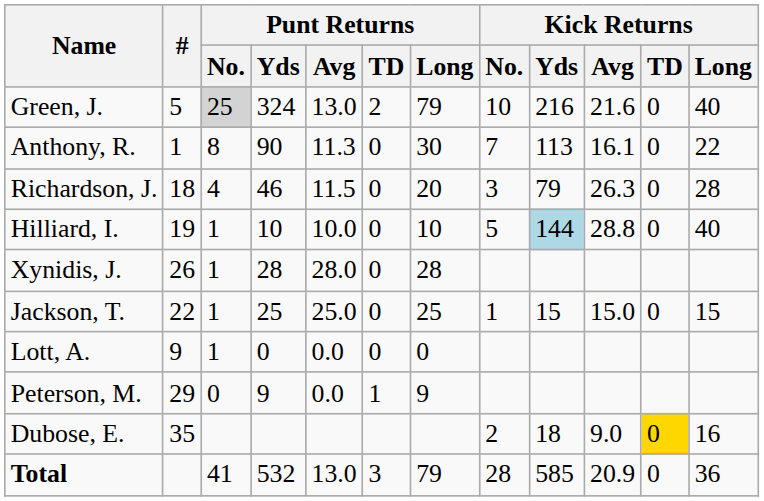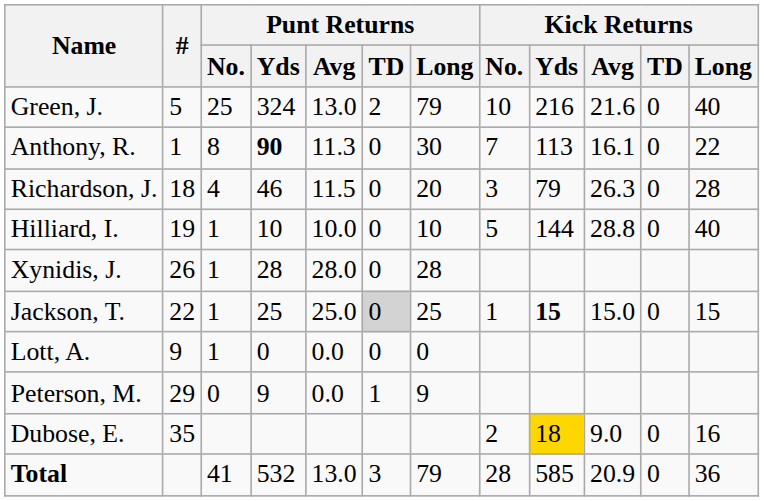 <table class="wikitable" style="white-space:nowrap;">
 <tr>
 <th rowspan="2">Name</th>
 <th rowspan="2">#</th>
 <th colspan="5">Punt Returns</th>
 <th colspan="5">Kick Returns</th>
 </tr>
 <tr>
 <th>No.</th>
 <th>Yds</th>
 <th>Avg</th>
 <th>TD</th>
 <th>Long</th>
 <th>No.</th>
 <th>Yds</th>
 <th>Avg</th>
 <th>TD</th>
 <th>Long</th>
 </tr>
 <tr>
 <td>Green, J.</td>
 <td>5</td>
-<td style="background: lightgrey;">25</td>
+<td>25</td>
 <td>324</td>
 <td>13.0</td>
 <td>2</td>
 <td>79</td>
 <td>10</td>
 <td>216</td>
 <td>21.6</td>
 <td>0</td>
 <td>40</td>
 </tr>
 <tr>
 <td>Anthony, R.</td>
 <td>1</td>
 <td>8</td>
-<td>90</td>
+<td><strong>90</strong></td>
 <td>11.3</td>
 <td>0</td>
 <td>30</td>
 <td>7</td>
 <td>113</td>
 <td>16.1</td>
 <td>0</td>
 <td>22</td>
 </tr>
 <tr>
 <td>Richardson, J.</td>
 <td>18</td>
 <td>4</td>
 <td>46</td>
 <td>11.5</td>
 <td>0</td>
 <td>20</td>
 <td>3</td>
 <td>79</td>
 <td>26.3</td>
 <td>0</td>
 <td>28</td>
 </tr>
 <tr>
 <td>Hilliard, I.</td>
 <td>19</td>
 <td>1</td>
 <td>10</td>
 <td>10.0</td>
 <td>0</td>
 <td>10</td>
 <td>5</td>
-<td style="background: lightblue;">144</td>
+<td>144</td>
 <td>28.8</td>
 <td>0</td>
 <td>40</td>
 </tr>
 <tr>
 <td>Xynidis, J.</td>
 <td>26</td>
 <td>1</td>
 <td>28</td>
 <td>28.0</td>
 <td>0</td>
 <td>28</td>
 <td></td>
 <td></td>
 <td></td>
 <td></td>
 <td></td>
 </tr>
 <tr>
 <td>Jackson, T.</td>
 <td>22</td>
 <td>1</td>
 <td>25</td>
 <td>25.0</td>
-<td>0</td>
+<td style="background: lightgrey;">0</td>
 <td>25</td>
 <td>1</td>
-<td>15</td>
+<td><strong>15</strong></td>
 <td>15.0</td>
 <td>0</td>
 <td>15</td>
 </tr>
 <tr>
 <td>Lott, A.</td>
 <td>9</td>
 <td>1</td>
 <td>0</td>
 <td>0.0</td>
 <td>0</td>
 <td>0</td>
 <td></td>
 <td></td>
 <td></td>
 <td></td>
 <td></td>
 </tr>
 <tr>
 <td>Peterson, M.</td>
 <td>29</td>
 <td>0</td>
 <td>9</td>
 <td>0.0</td>
 <td>1</td>
 <td>9</td>
 <td></td>
 <td></td>
 <td></td>
 <td></td>
 <td></td>
 </tr>
 <tr>
 <td>Dubose, E.</td>
 <td>35</td>
 <td></td>
 <td></td>
 <td></td>
 <td></td>
 <td></td>
 <td>2</td>
-<td>18</td>
+<td style="background: gold;">18</td>
 <td>9.0</td>
-<td style="background: gold;">0</td>
+<td>0</td>
 <td>16</td>
 </tr>
 <tr>
 <td><strong>Total</strong></td>
 <td></td>
 <td>41</td>
 <td>532</td>
 <td>13.0</td>
 <td>3</td>
 <td>79</td>
 <td>28</td>
 <td>585</td>
 <td>20.9</td>
 <td>0</td>
 <td>36</td>
 </tr>
 </table>
